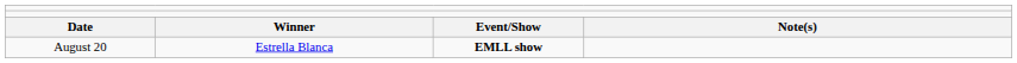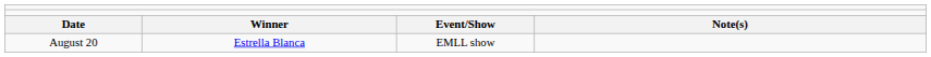 <table class="wikitable" style="text-align:center; width:100%;">
 <tr>
 <td colspan=5></td>
 </tr>
 <tr>
 <td colspan=5><strong></strong></td>
 </tr>
 <tr>
 <th width=14%>Date</th>
 <th width=26%>Winner</th>
 <th width=14%>Event/Show</th>
 <th width=40%>Note(s)</th>
 </tr>
 <tr>
 <td>August 20</td>
 <td><a href='#'>Estrella Blanca</a></td>
-<td><strong>EMLL show</strong></td>
+<td>EMLL show</td>
 <td align=left></td>
 </tr>
 </table>
